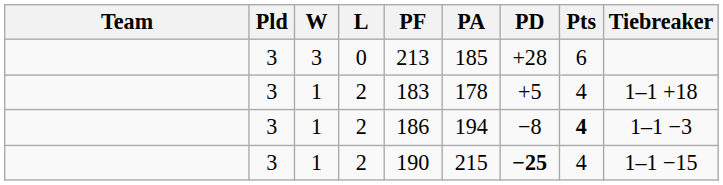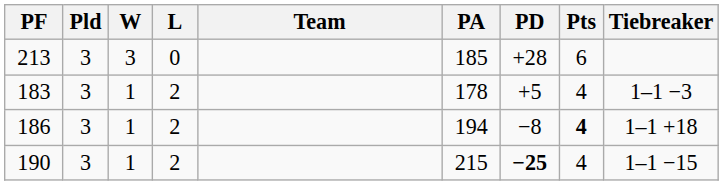 <table class="wikitable" style="text-align:center;">
 <tr>
-<th width=170>Team</th>
+<th width=35>PF</th>
 <th width=25>Pld</th>
 <th width=25>W</th>
 <th width=25>L</th>
-<th width=35>PF</th>
+<th width=170>Team</th>
 <th width=35>PA</th>
 <th width=35>PD</th>
 <th width=25>Pts</th>
 <th width=50>Tiebreaker</th>
 </tr>
 <tr style="background:ccffcc">
-<td style="text-align:left"></td>
+<td>213</td>
 <td>3</td>
 <td>3</td>
 <td>0</td>
-<td>213</td>
+<td style="text-align:left"></td>
 <td>185</td>
 <td>+28</td>
 <td>6</td>
 <td></td>
 </tr>
 <tr style="background:ccffcc">
-<td style="text-align:left"></td>
+<td>183</td>
 <td>3</td>
 <td>1</td>
 <td>2</td>
-<td>183</td>
+<td style="text-align:left"></td>
 <td>178</td>
 <td>+5</td>
 <td>4</td>
-<td>1–1 +18</td>
+<td>1–1 −3</td>
 </tr>
 <tr style="background:ccffcc">
-<td style="text-align:left"></td>
+<td>186</td>
 <td>3</td>
 <td>1</td>
 <td>2</td>
-<td>186</td>
+<td style="text-align:left"></td>
 <td>194</td>
 <td>−8</td>
 <td><strong>4</strong></td>
-<td>1–1 −3</td>
+<td>1–1 +18</td>
 </tr>
 <tr style="background:ffcccc">
-<td style="text-align:left"></td>
+<td>190</td>
 <td>3</td>
 <td>1</td>
 <td>2</td>
-<td>190</td>
+<td style="text-align:left"></td>
 <td>215</td>
 <td><strong>−25</strong></td>
 <td>4</td>
 <td>1–1 −15</td>
 </tr>
 </table>
